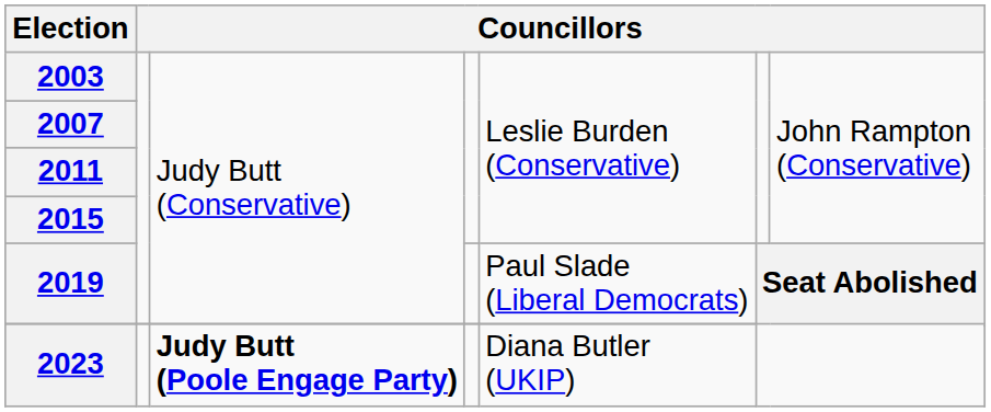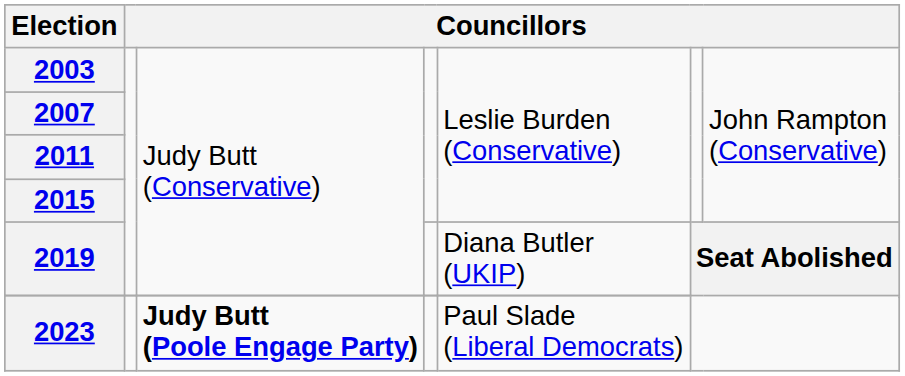 <table class="wikitable">
 <tr>
 <th>Election</th>
 <th colspan="6">Councillors</th>
 </tr>
 <tr>
 <th><a href='#'>2003</a></th>
 <td rowspan="5" style="background-color: "></td>
 <td rowspan="5">Judy Butt<br>(<a href='#'>Conservative</a>)</td>
 <td rowspan="4" style="background-color: "></td>
 <td rowspan="4">Leslie Burden<br>(<a href='#'>Conservative</a>)</td>
 <td rowspan="4" style="background-color: "></td>
 <td rowspan="4">John Rampton<br>(<a href='#'>Conservative</a>)</td>
 </tr>
 <tr>
 <th><a href='#'>2007</a></th>
 </tr>
 <tr>
 <th><a href='#'>2011</a></th>
 </tr>
 <tr>
 <th><a href='#'>2015</a></th>
 </tr>
 <tr>
 <th><a href='#'>2019</a></th>
 <td rowspan="1" style="background-color: "></td>
-<td>Paul Slade<br>(<a href='#'>Liberal Democrats</a>)</td>
+<td>Diana Butler<br>(<a href='#'>UKIP</a>)</td>
 <th colspan="3" rowspan="2">Seat Abolished</th>
 </tr>
 <tr>
 </tr>
 <tr>
 <th><a href='#'>2023</a></th>
 <td rowspan="1" style="background-color: "></td>
 <td rowspan="1"><strong>Judy Butt<br>(<a href='#'>Poole Engage Party</a>)</strong></td>
 <td rowspan="1" style="background-color: "></td>
-<td>Diana Butler<br>(<a href='#'>UKIP</a>)</td>
+<td>Paul Slade<br>(<a href='#'>Liberal Democrats</a>)</td>
 </tr>
 </table>
